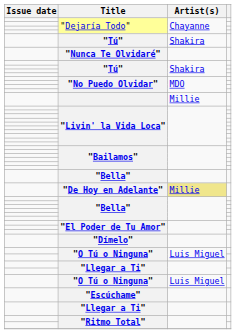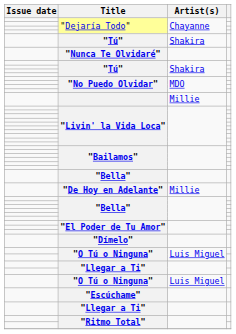 <table class="wikitable sortable plainrowheaders">
 <tr>
 <th scope=col>Issue date</th>
 <th scope=col>Title</th>
 <th scope=col>Artist(s)</th>
 <th scope=col class=unsortable></th>
 </tr>
 <tr>
 <td></td>
 <td bgcolor=#FFFF99 rowspan="4">"<a href='#'>Dejaría Todo</a>"  </td>
 <td rowspan="4"><a href='#'>Chayanne</a></td>
 <td style="text-align: center;"></td>
 </tr>
 <tr>
 <td></td>
 <td style="text-align: center;"></td>
 </tr>
 <tr>
 <td></td>
 <td style="text-align: center;"></td>
 </tr>
 <tr>
 <td></td>
 <td style="text-align: center;"></td>
 </tr>
 <tr>
 <td></td>
 <th scope=row>"<a href='#'>Tú</a>"</th>
 <td><a href='#'>Shakira</a></td>
 <td style="text-align: center;"></td>
 </tr>
 <tr>
 <td></td>
 <th scope=row>"<a href='#'>Nunca Te Olvidaré</a>"</th>
 <td></td>
 <td style="text-align: center;"></td>
 </tr>
 <tr>
 <td></td>
 <th scope=rowgroup rowspan="4">"<a href='#'>Tú</a>"</th>
 <td rowspan="4"><a href='#'>Shakira</a></td>
 <td style="text-align: center;"></td>
 </tr>
 <tr>
 <td></td>
 <td style="text-align: center;"></td>
 </tr>
 <tr>
 <td></td>
 <td style="text-align: center;"></td>
 </tr>
 <tr>
 <td></td>
 <td style="text-align: center;"></td>
 </tr>
 <tr>
 <td></td>
 <th scope=rowgroup rowspan="4">"<a href='#'>No Puedo Olvidar</a>"</th>
 <td rowspan="4"><a href='#'>MDO</a></td>
 <td style="text-align: center;"></td>
 </tr>
 <tr>
 <td></td>
 <td style="text-align: center;"></td>
 </tr>
 <tr>
 <td></td>
 <td style="text-align: center;"></td>
 </tr>
 <tr>
 <td></td>
 <td style="text-align: center;"></td>
 </tr>
 <tr>
 <td></td>
 <th scope=row></th>
 <td><a href='#'>Millie</a></td>
 <td style="text-align: center;"></td>
 </tr>
 <tr>
 <td></td>
 <th scope=rowgroup rowspan="10">"<a href='#'>Livin' la Vida Loca</a>" </th>
 <td rowspan="10"></td>
 <td style="text-align: center;"></td>
 </tr>
 <tr>
 <td></td>
 <td style="text-align: center;"></td>
 </tr>
 <tr>
 <td></td>
 <td style="text-align: center;"></td>
 </tr>
 <tr>
 <td></td>
 <td style="text-align: center;"></td>
 </tr>
 <tr>
 <td></td>
 <td style="text-align: center;"></td>
 </tr>
 <tr>
 <td></td>
 <td style="text-align: center;"></td>
 </tr>
 <tr>
 <td></td>
 <td style="text-align: center;"></td>
 </tr>
 <tr>
 <td></td>
 <td style="text-align: center;"></td>
 </tr>
 <tr>
 <td></td>
 <td style="text-align: center;"></td>
 </tr>
 <tr>
 <td></td>
 <td style="text-align: center;"></td>
 </tr>
 <tr>
 <td></td>
 <th scope=rowgroup rowspan="6">"<a href='#'>Bailamos</a>"</th>
 <td rowspan="6"></td>
 <td style="text-align: center;"></td>
 </tr>
 <tr>
 <td></td>
 <td style="text-align: center;"></td>
 </tr>
 <tr>
 <td></td>
 <td style="text-align: center;"></td>
 </tr>
 <tr>
 <td></td>
 <td style="text-align: center;"></td>
 </tr>
 <tr>
 <td></td>
 <td style="text-align: center;"></td>
 </tr>
 <tr>
 <td></td>
 <td style="text-align: center;"></td>
 </tr>
 <tr>
 <td></td>
 <th scope=row>"<a href='#'>Bella</a>"</th>
 <td></td>
 <td style="text-align: center;"></td>
 </tr>
 <tr>
 <td></td>
 <th scope=row>"<a href='#'>De Hoy en Adelante</a>"</th>
-<td style="background: khaki;"><a href='#'>Millie</a></td>
+<td><a href='#'>Millie</a></td>
 <td style="text-align: center;"></td>
 </tr>
 <tr>
 <td></td>
 <th scope=rowgroup rowspan="6">"<a href='#'>Bella</a>"</th>
 <td rowspan="6"></td>
 <td style="text-align: center;"></td>
 </tr>
 <tr>
 <td></td>
 <td style="text-align: center;"></td>
 </tr>
 <tr>
 <td></td>
 <td style="text-align: center;"></td>
 </tr>
 <tr>
 <td></td>
 <td style="text-align: center;"></td>
 </tr>
 <tr>
 <td></td>
 <td style="text-align: center;"></td>
 </tr>
 <tr>
 <td></td>
 <td style="text-align: center;"></td>
 </tr>
 <tr>
 <td></td>
 <th scope=rowgroup rowspan="3">"<a href='#'>El Poder de Tu Amor</a>"</th>
 <td rowspan="3"></td>
 <td style="text-align: center;"></td>
 </tr>
 <tr>
 <td></td>
 <td style="text-align: center;"></td>
 </tr>
 <tr>
 <td></td>
 <td style="text-align: center;"></td>
 </tr>
 <tr>
 <td></td>
 <th scope=row>"<a href='#'>Dímelo</a>"</th>
 <td></td>
 <td style="text-align: center;"></td>
 </tr>
 <tr>
 <td></td>
 <th scope=rowgroup rowspan="2">"<a href='#'>O Tú o Ninguna</a>"</th>
 <td rowspan="2"><a href='#'>Luis Miguel</a></td>
 <td style="text-align: center;"></td>
 </tr>
 <tr>
 <td></td>
 <td style="text-align: center;"></td>
 </tr>
 <tr>
 <td></td>
 <th scope=rowgroup rowspan="2">"<a href='#'>Llegar a Ti</a>"</th>
 <td rowspan="2"></td>
 <td style="text-align: center;"></td>
 </tr>
 <tr>
 <td></td>
 <td style="text-align: center;"></td>
 </tr>
 <tr>
 <td></td>
 <th scope=row>"<a href='#'>O Tú o Ninguna</a>"</th>
 <td><a href='#'>Luis Miguel</a></td>
 <td style="text-align: center;"></td>
 </tr>
 <tr>
 <td></td>
 <th scope=row>"<a href='#'>Escúchame</a>"</th>
 <td></td>
 <td style="text-align: center;"></td>
 </tr>
 <tr>
 <td></td>
 <th scope=row>"<a href='#'>Llegar a Ti</a>"</th>
 <td></td>
 <td style="text-align: center;"></td>
 </tr>
 <tr>
 <td></td>
 <th scope=rowgroup rowspan="2">"<a href='#'>Ritmo Total</a>"</th>
 <td rowspan="2"></td>
 <td style="text-align: center;"></td>
 </tr>
 <tr>
 <td></td>
 <td style="text-align: center;"></td>
 </tr>
 <tr>
 </tr>
 </table>
